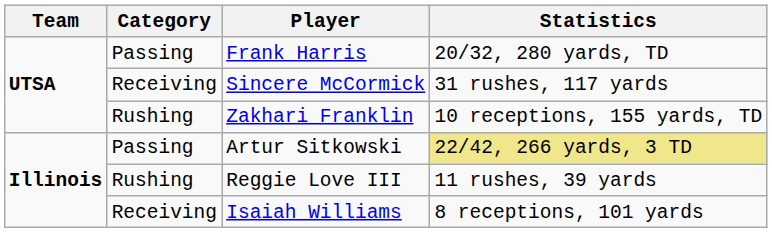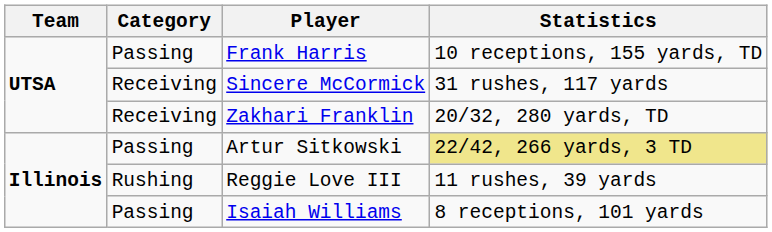 <table class="wikitable" style="float: right;">
 <tr>
 <th>Team</th>
 <th>Category</th>
 <th>Player</th>
 <th>Statistics</th>
 </tr>
 <tr>
 <td rowspan=3><strong>UTSA</strong></td>
 <td>Passing</td>
 <td><a href='#'>Frank Harris</a></td>
-<td>20/32, 280 yards, TD</td>
+<td>10 receptions, 155 yards, TD</td>
 </tr>
 <tr>
 <td>Receiving</td>
 <td><a href='#'>Sincere McCormick</a></td>
 <td>31 rushes, 117 yards</td>
 </tr>
 <tr>
-<td>Rushing</td>
+<td>Receiving</td>
 <td><a href='#'>Zakhari Franklin</a></td>
-<td>10 receptions, 155 yards, TD</td>
+<td>20/32, 280 yards, TD</td>
 </tr>
 <tr>
 <td rowspan=3><strong>Illinois</strong></td>
 <td>Passing</td>
 <td>Artur Sitkowski</td>
 <td style="background: khaki;">22/42, 266 yards, 3 TD</td>
 </tr>
 <tr>
 <td>Rushing</td>
 <td>Reggie Love III</td>
 <td>11 rushes, 39 yards</td>
 </tr>
 <tr>
-<td>Receiving</td>
+<td>Passing</td>
 <td><a href='#'>Isaiah Williams</a></td>
 <td>8 receptions, 101 yards</td>
 </tr>
 </table>
